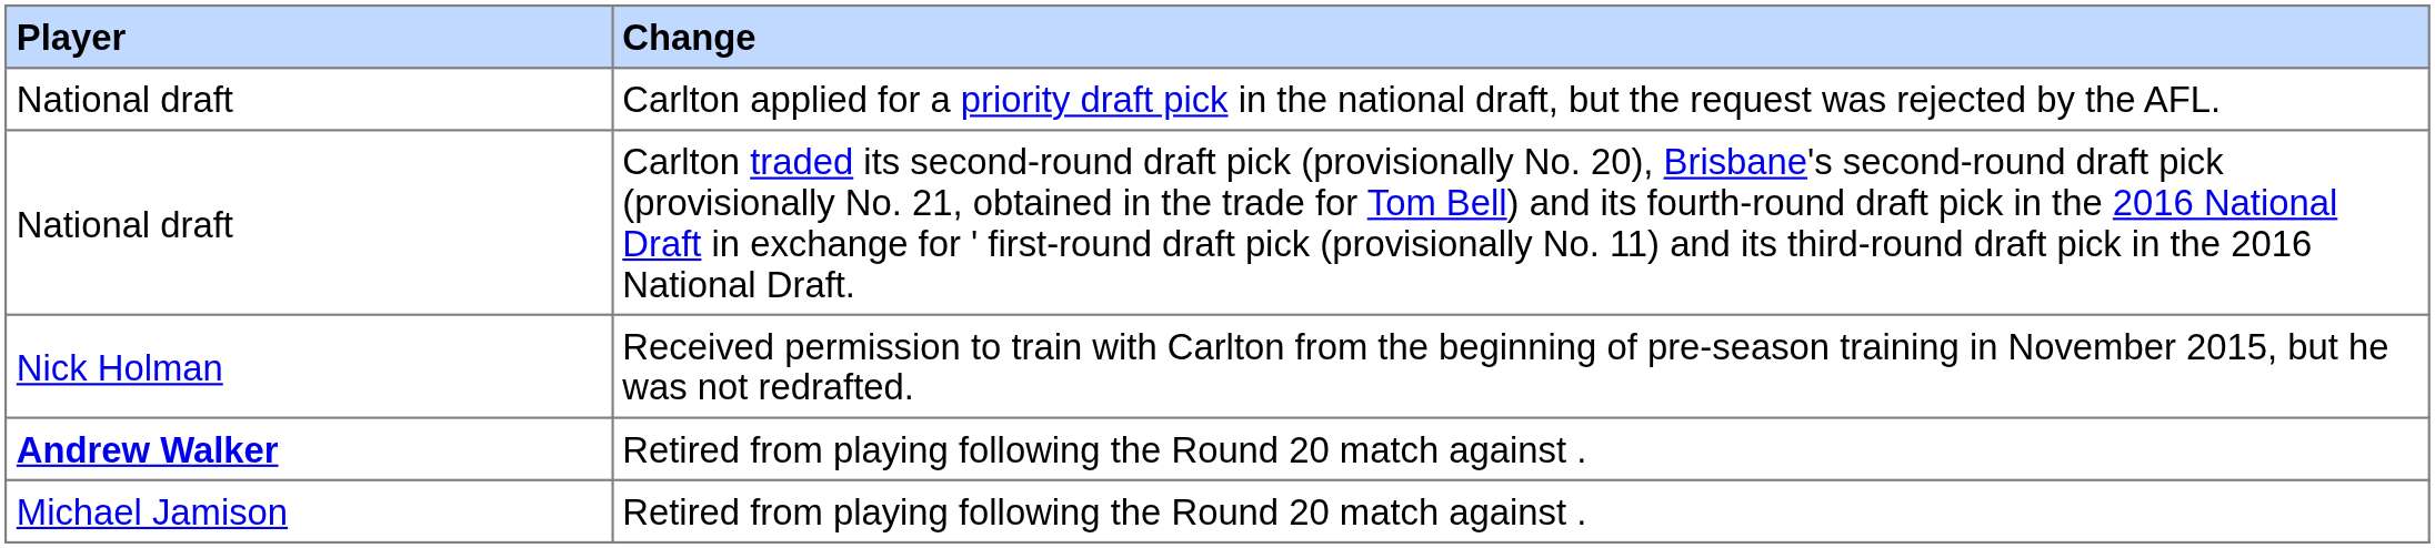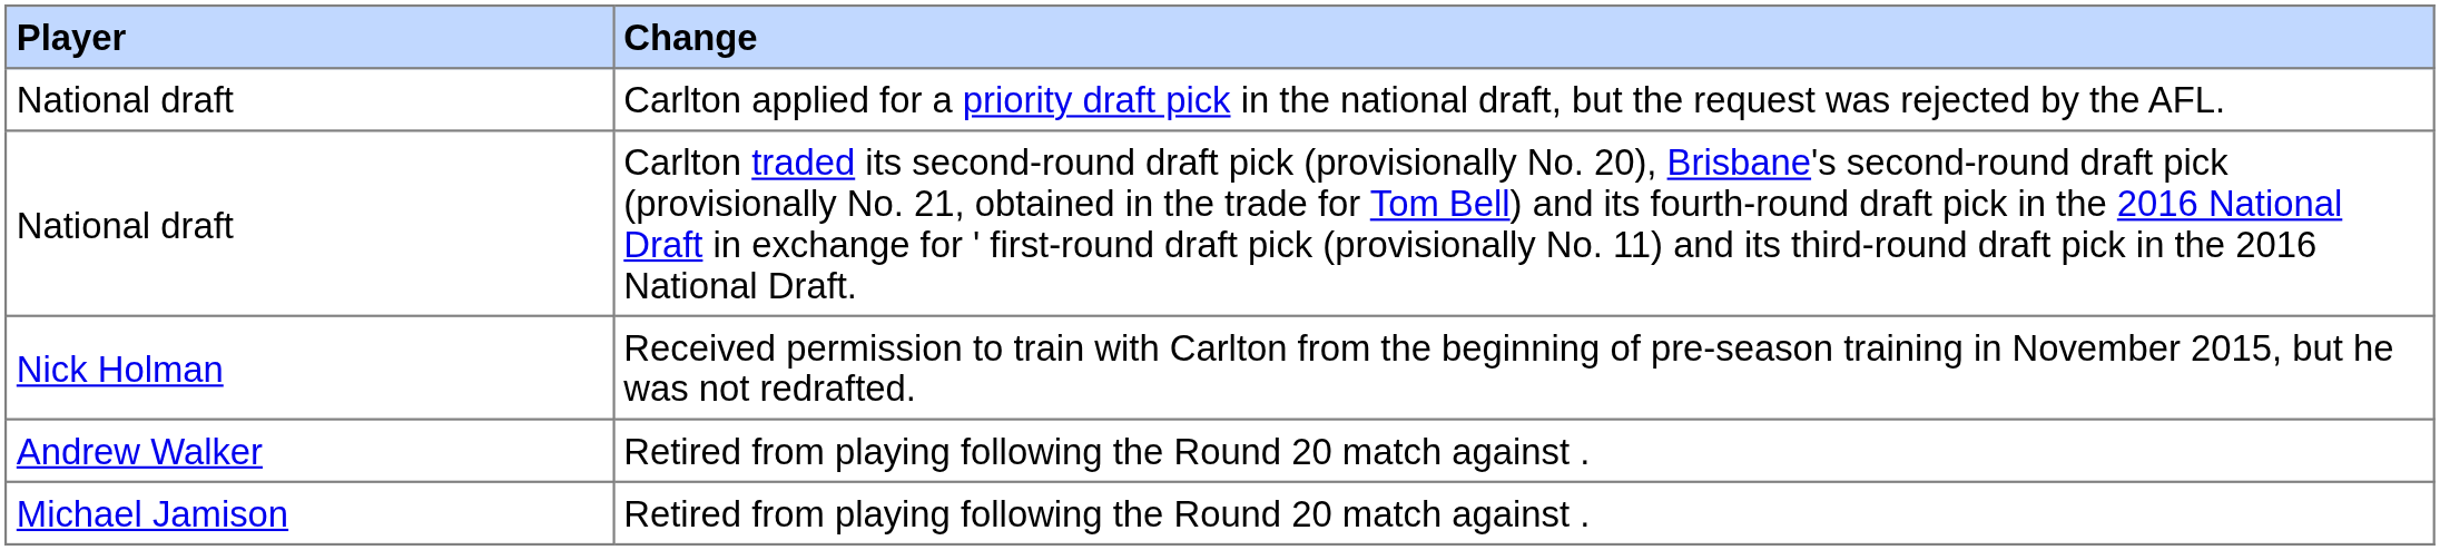 <table border="1" cellpadding="4" cellspacing="0"  style="text-align:left; font-size:95%; border-collapse:collapse; width:80%;">
 <tr style="background:#C1D8FF;">
 <th style="width:25%;">Player</th>
 <th>Change</th>
 </tr>
 <tr>
 <td> National draft</td>
 <td>Carlton applied for a <a href='#'>priority draft pick</a> in the national draft, but the request was rejected by the AFL.</td>
 </tr>
 <tr>
 <td> National draft</td>
 <td>Carlton <a href='#'>traded</a> its second-round draft pick (provisionally No. 20), <a href='#'>Brisbane</a>'s second-round draft pick (provisionally No. 21, obtained in the trade for <a href='#'>Tom Bell</a>) and its fourth-round draft pick in the <a href='#'>2016 National Draft</a> in exchange for ' first-round draft pick (provisionally No. 11) and its third-round draft pick in the 2016 National Draft.</td>
 </tr>
 <tr>
 <td> <a href='#'>Nick Holman</a></td>
 <td>Received permission to train with Carlton from the beginning of pre-season training in November 2015, but he was not redrafted.</td>
 </tr>
 <tr>
-<td><strong> <a href='#'>Andrew Walker</a></strong></td>
+<td> <a href='#'>Andrew Walker</a></td>
 <td>Retired from playing following the Round 20 match against .</td>
 </tr>
 <tr>
 <td> <a href='#'>Michael Jamison</a></td>
 <td>Retired from playing following the Round 20 match against .</td>
 </tr>
 </table>
